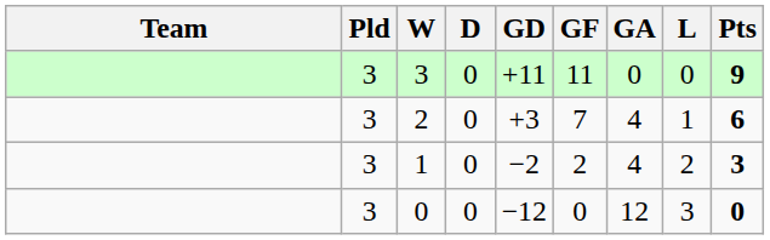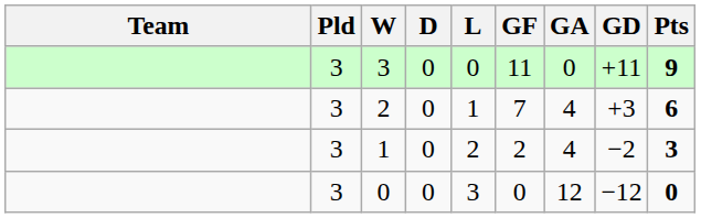 <table class="wikitable" style="text-align:center;">
 <tr>
 <th width=180>Team</th>
 <th width=20>Pld</th>
 <th width=20>W</th>
 <th width=20>D</th>
-<th width=20>GD</th>
+<th width=20>L</th>
 <th width=20>GF</th>
 <th width=20>GA</th>
-<th width=20>L</th>
+<th width=20>GD</th>
 <th width=20>Pts</th>
 </tr>
 <tr bgcolor="ccffcc">
 <td align="left"><em></em></td>
 <td>3</td>
 <td>3</td>
 <td>0</td>
-<td>+11</td>
+<td>0</td>
 <td>11</td>
 <td>0</td>
-<td>0</td>
+<td>+11</td>
 <td><strong>9</strong></td>
 </tr>
 <tr>
 <td align="left"></td>
 <td>3</td>
 <td>2</td>
 <td>0</td>
-<td>+3</td>
+<td>1</td>
 <td>7</td>
 <td>4</td>
-<td>1</td>
+<td>+3</td>
 <td><strong>6</strong></td>
 </tr>
 <tr>
 <td align="left"></td>
 <td>3</td>
 <td>1</td>
 <td>0</td>
-<td>−2</td>
+<td>2</td>
 <td>2</td>
 <td>4</td>
-<td>2</td>
+<td>−2</td>
 <td><strong>3</strong></td>
 </tr>
 <tr>
 <td align="left"></td>
 <td>3</td>
 <td>0</td>
 <td>0</td>
-<td>−12</td>
+<td>3</td>
 <td>0</td>
 <td>12</td>
-<td>3</td>
+<td>−12</td>
 <td><strong>0</strong></td>
 </tr>
 </table>
